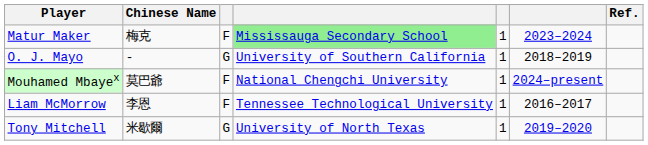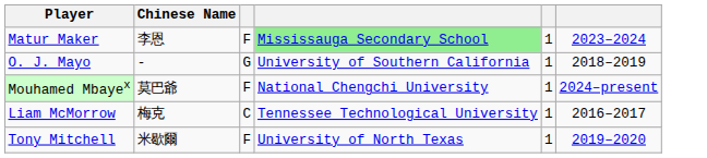 <table class="wikitable sortable" style="font-size:95%; text-align:left;">
 <tr>
 <th>Player</th>
 <th>Chinese Name</th>
 <th></th>
 <th></th>
 <th></th>
 <th></th>
-<th>Ref.</th>
 </tr>
 <tr>
 <td><a href='#'>Matur Maker</a></td>
-<td>梅克</td>
+<td>李恩</td>
 <td align="center">F</td>
 <td style="background: lightgreen;"><a href='#'>Mississauga Secondary School</a></td>
 <td align="center">1</td>
 <td align="center"><a href='#'>2023–2024</a></td>
-<td></td>
 </tr>
 <tr>
 <td><a href='#'>O. J. Mayo</a></td>
 <td>-</td>
 <td align="center">G</td>
 <td><a href='#'>University of Southern California</a></td>
 <td align="center">1</td>
 <td align="center">2018–2019</td>
-<td></td>
 </tr>
 <tr>
 <td bgcolor="#CCFFCC">Mouhamed Mbaye<sup>x</sup></td>
 <td>莫巴爺</td>
 <td align="center">F</td>
 <td><a href='#'>National Chengchi University</a></td>
 <td align="center">1</td>
 <td align="center"><a href='#'>2024–present</a></td>
-<td></td>
 </tr>
 <tr>
 <td><a href='#'>Liam McMorrow</a></td>
-<td>李恩</td>
-<td align="center">F</td>
+<td>梅克</td>
+<td align="center">C</td>
 <td><a href='#'>Tennessee Technological University</a></td>
 <td align="center">1</td>
 <td align="center">2016–2017</td>
-<td></td>
 </tr>
 <tr>
 <td><a href='#'>Tony Mitchell</a></td>
 <td>米歇爾</td>
-<td align="center">G</td>
+<td align="center">F</td>
 <td><a href='#'>University of North Texas</a></td>
 <td align="center">1</td>
 <td align="center"><a href='#'>2019–2020</a></td>
-<td></td>
 </tr>
 </table>
